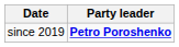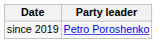 <table class="wikitable">
 <tr>
 <th>Date</th>
 <th>Party leader</th>
 </tr>
 <tr>
 <td>since 2019</td>
-<td><strong><a href='#'>Petro Poroshenko</a></strong></td>
+<td><a href='#'>Petro Poroshenko</a></td>
 </tr>
 </table>
